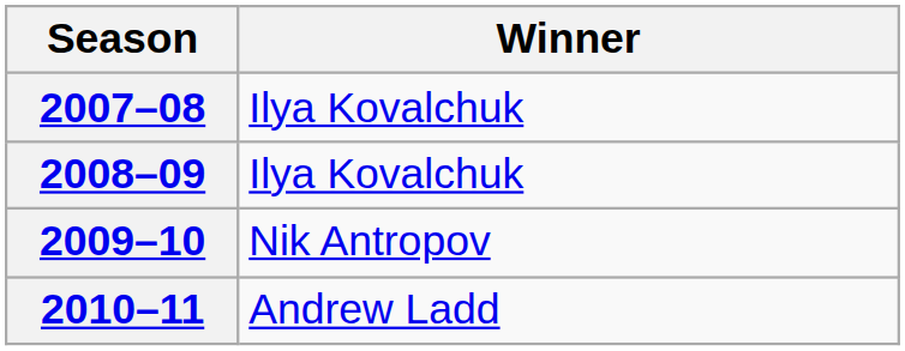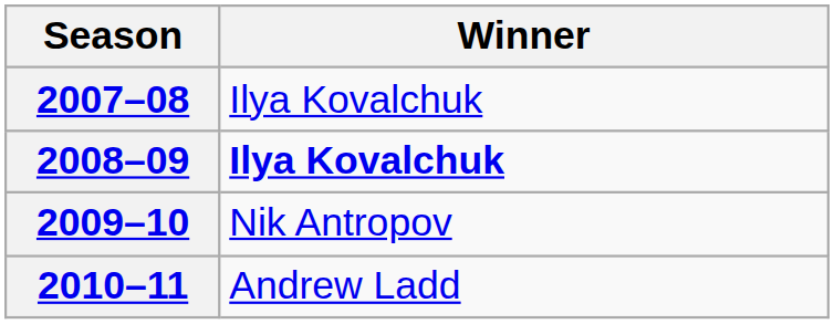 <table class="wikitable">
 <tr>
 <th scope="col" style="width:5em">Season</th>
 <th scope="col" style="width:15em">Winner</th>
 </tr>
 <tr>
 <th scope="row"><a href='#'>2007–08</a></th>
 <td><a href='#'>Ilya Kovalchuk</a></td>
 </tr>
 <tr>
 <th scope="row"><a href='#'>2008–09</a></th>
-<td><a href='#'>Ilya Kovalchuk</a></td>
+<td><strong><a href='#'>Ilya Kovalchuk</a></strong></td>
 </tr>
 <tr>
 <th scope="row"><a href='#'>2009–10</a></th>
 <td><a href='#'>Nik Antropov</a></td>
 </tr>
 <tr>
 <th scope="row"><a href='#'>2010–11</a></th>
 <td><a href='#'>Andrew Ladd</a></td>
 </tr>
 </table>
